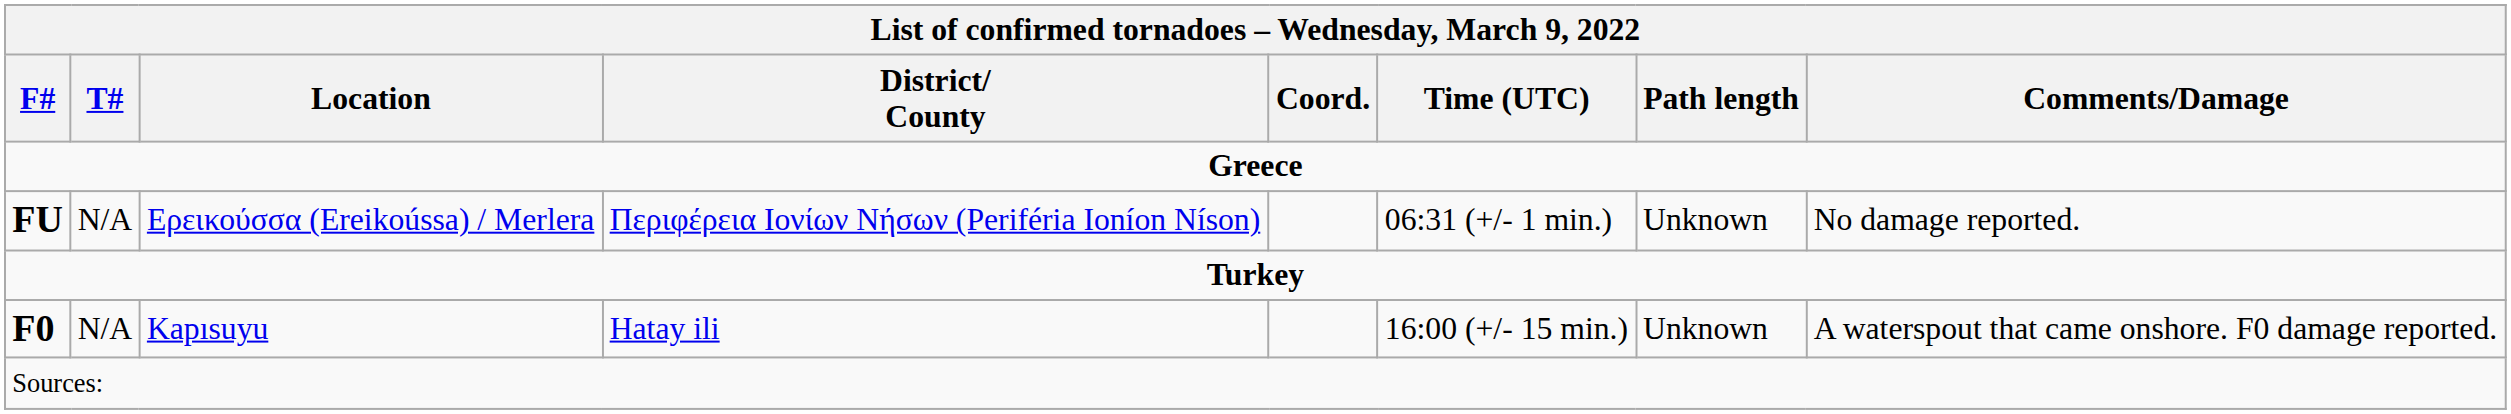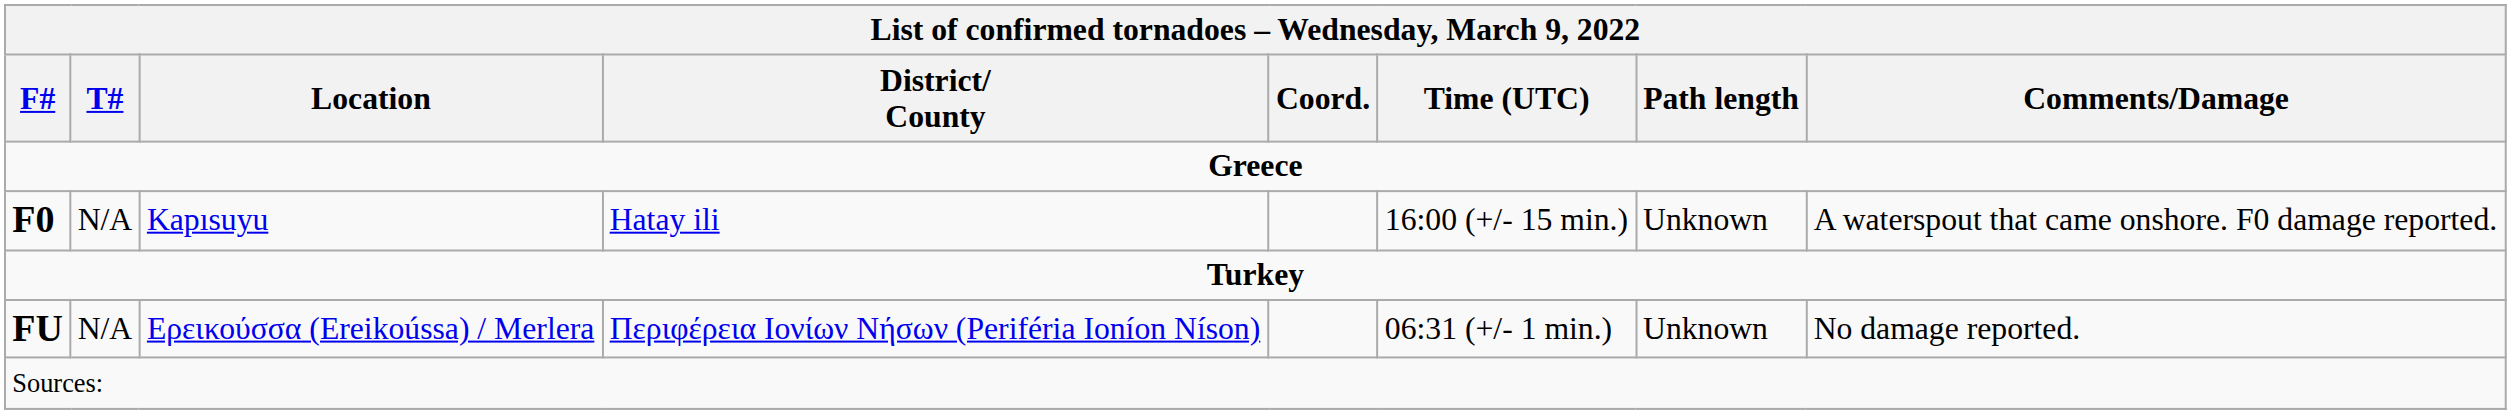 <table class="wikitable collapsible" width="100%">
 <tr>
 <th colspan="8">List of confirmed tornadoes – Wednesday, March 9, 2022</th>
 </tr>
 <tr>
 <th><a href='#'>F#</a></th>
 <th><a href='#'>T#</a></th>
 <th>Location</th>
 <th>District/<br>County</th>
 <th>Coord.</th>
 <th>Time (UTC)</th>
 <th>Path length</th>
 <th>Comments/Damage</th>
 </tr>
 <tr>
 <td colspan="8" align=center><strong>Greece</strong></td>
 </tr>
 <tr>
+<td><big><strong>F0</strong></big></td>
+<td>N/A</td>
+<td><a href='#'>Kapısuyu</a></td>
+<td><a href='#'>Hatay ili</a></td>
+<td></td>
+<td>16:00 (+/- 15 min.)</td>
+<td>Unknown</td>
+<td>A waterspout that came onshore. F0 damage reported.</td>
+</tr>
+<tr>
+<td colspan="8" align=center><strong>Turkey</strong></td>
+</tr>
+<tr>
 <td><big><strong>FU</strong></big></td>
 <td>N/A</td>
 <td><a href='#'>Ερεικούσσα (Ereikoússa) / Merlera</a></td>
 <td><a href='#'>Περιφέρεια Ιονίων Νήσων (Periféria Ioníon Níson)</a></td>
 <td></td>
 <td>06:31 (+/- 1 min.)</td>
 <td>Unknown</td>
 <td>No damage reported.</td>
 </tr>
 <tr>
-<td colspan="8" align=center><strong>Turkey</strong></td>
-</tr>
-<tr>
-<td><big><strong>F0</strong></big></td>
-<td>N/A</td>
-<td><a href='#'>Kapısuyu</a></td>
-<td><a href='#'>Hatay ili</a></td>
-<td></td>
-<td>16:00 (+/- 15 min.)</td>
-<td>Unknown</td>
-<td>A waterspout that came onshore. F0 damage reported.</td>
-</tr>
-<tr>
 <td colspan="8"><small>Sources:  </small></td>
 </tr>
 </table>
